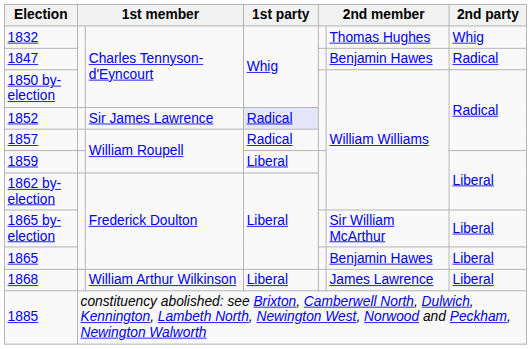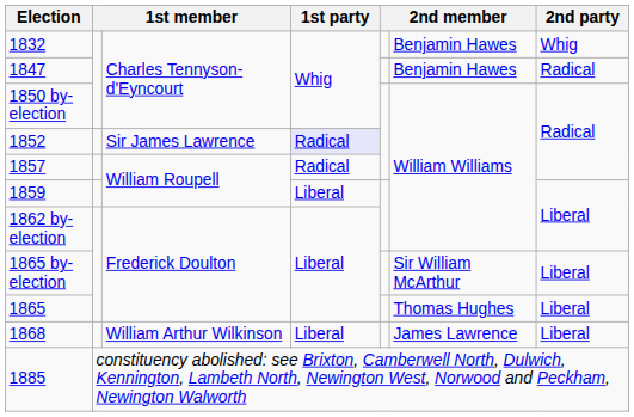 <table class="wikitable">
 <tr>
 <th>Election</th>
 <th colspan="2">1st member</th>
 <th>1st party</th>
 <th colspan="2">2nd member</th>
 <th>2nd party</th>
 </tr>
 <tr>
 <td><a href='#'>1832</a></td>
 <td rowspan="3" style="color:inherit;background-color: "></td>
 <td rowspan="3"><a href='#'>Charles Tennyson-d'Eyncourt</a></td>
 <td rowspan="3"><a href='#'>Whig</a></td>
 <td style="color:inherit;background-color: "></td>
-<td><a href='#'>Thomas Hughes</a></td>
+<td><a href='#'>Benjamin Hawes</a></td>
 <td><a href='#'>Whig</a></td>
 </tr>
 <tr>
 <td><a href='#'>1847</a></td>
 <td style="color:inherit;background-color: "></td>
 <td><a href='#'>Benjamin Hawes</a></td>
 <td><a href='#'>Radical</a></td>
 </tr>
 <tr>
 <td><a href='#'>1850 by-election</a></td>
 <td rowspan="3" style="color:inherit;background-color: "></td>
 <td rowspan="5"><a href='#'>William Williams</a></td>
 <td rowspan="3"><a href='#'>Radical</a></td>
 </tr>
 <tr>
 <td><a href='#'>1852</a></td>
 <td style="color:inherit;background-color: "></td>
 <td><a href='#'>Sir James Lawrence</a></td>
 <td style="background: lavender;"><a href='#'>Radical</a></td>
 </tr>
 <tr>
 <td><a href='#'>1857</a></td>
 <td style="color:inherit;background-color: "></td>
 <td rowspan="2"><a href='#'>William Roupell</a></td>
 <td><a href='#'>Radical</a></td>
 </tr>
 <tr>
 <td><a href='#'>1859</a></td>
 <td style="color:inherit;background-color: "></td>
 <td><a href='#'>Liberal</a></td>
 <td rowspan="2" style="color:inherit;background-color: "></td>
 <td rowspan="2"><a href='#'>Liberal</a></td>
 </tr>
 <tr>
 <td><a href='#'>1862 by-election</a></td>
 <td rowspan="3" style="color:inherit;background-color: "></td>
 <td rowspan="3"><a href='#'>Frederick Doulton</a></td>
 <td rowspan="3"><a href='#'>Liberal</a></td>
 </tr>
 <tr>
 <td><a href='#'>1865 by-election</a></td>
 <td style="color:inherit;background-color: "></td>
 <td><a href='#'>Sir William McArthur</a></td>
 <td><a href='#'>Liberal</a></td>
 </tr>
 <tr>
 <td><a href='#'>1865</a></td>
 <td style="color:inherit;background-color: "></td>
-<td><a href='#'>Benjamin Hawes</a></td>
+<td><a href='#'>Thomas Hughes</a></td>
 <td><a href='#'>Liberal</a></td>
 </tr>
 <tr>
 <td><a href='#'>1868</a></td>
 <td style="color:inherit;background-color: "></td>
 <td><a href='#'>William Arthur Wilkinson</a></td>
 <td><a href='#'>Liberal</a></td>
 <td style="color:inherit;background-color: "></td>
 <td><a href='#'>James Lawrence</a></td>
 <td><a href='#'>Liberal</a></td>
 </tr>
 <tr>
 <td><a href='#'>1885</a></td>
 <td colspan="6"><em>constituency abolished: see <a href='#'>Brixton</a>, <a href='#'>Camberwell North</a>, <a href='#'>Dulwich</a>, <a href='#'>Kennington</a>, <a href='#'>Lambeth North</a>, <a href='#'>Newington West</a>, <a href='#'>Norwood</a> and <a href='#'>Peckham</a>, <a href='#'>Newington Walworth</a> </em></td>
 </tr>
 </table>
